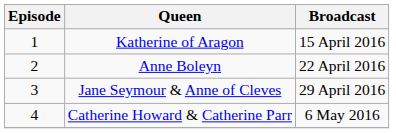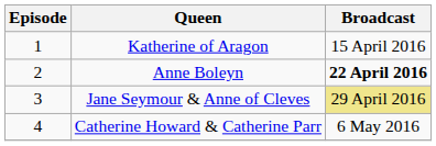 <table class="wikitable">
 <tr>
 <th>Episode</th>
 <th>Queen</th>
 <th>Broadcast</th>
 </tr>
 <tr align="center">
 <td>1</td>
 <td><a href='#'>Katherine of Aragon</a></td>
 <td>15 April 2016</td>
 </tr>
 <tr align="center">
 <td>2</td>
 <td><a href='#'>Anne Boleyn</a></td>
-<td>22 April 2016</td>
+<td><strong>22 April 2016</strong></td>
 </tr>
 <tr align="center">
 <td>3</td>
 <td><a href='#'>Jane Seymour</a> & <a href='#'>Anne of Cleves</a></td>
-<td>29 April 2016</td>
+<td style="background: khaki;">29 April 2016</td>
 </tr>
 <tr align="center">
 <td>4</td>
 <td><a href='#'>Catherine Howard</a> & <a href='#'>Catherine Parr</a></td>
 <td>6 May 2016</td>
 </tr>
 <tr align="center">
 </tr>
 </table>
